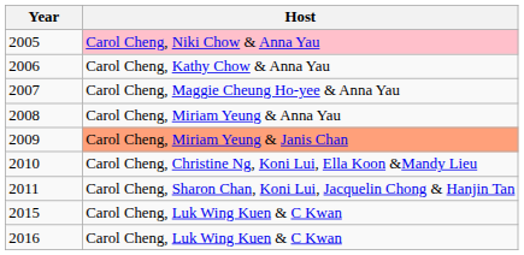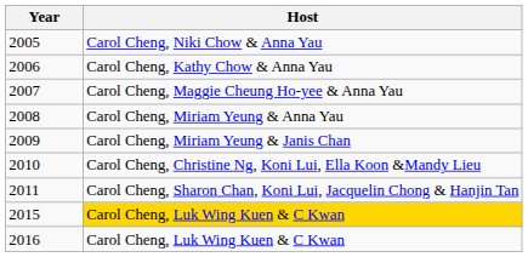 <table class="wikitable">
 <tr>
 <th width=15%>Year</th>
 <th>Host</th>
 </tr>
 <tr>
 <td>2005</td>
-<td style="background: pink;"><a href='#'>Carol Cheng</a>, <a href='#'>Niki Chow</a> & <a href='#'>Anna Yau</a></td>
+<td><a href='#'>Carol Cheng</a>, <a href='#'>Niki Chow</a> & <a href='#'>Anna Yau</a></td>
 </tr>
 <tr>
 <td>2006</td>
 <td>Carol Cheng, <a href='#'>Kathy Chow</a> & Anna Yau</td>
 </tr>
 <tr>
 <td>2007</td>
 <td>Carol Cheng, <a href='#'>Maggie Cheung Ho-yee</a> & Anna Yau</td>
 </tr>
 <tr>
 <td>2008</td>
 <td>Carol Cheng, <a href='#'>Miriam Yeung</a> & Anna Yau</td>
 </tr>
 <tr>
 <td>2009</td>
-<td style="background: lightsalmon;">Carol Cheng, <a href='#'>Miriam Yeung</a> & <a href='#'>Janis Chan</a></td>
+<td>Carol Cheng, <a href='#'>Miriam Yeung</a> & <a href='#'>Janis Chan</a></td>
 </tr>
 <tr>
 <td>2010</td>
 <td>Carol Cheng, <a href='#'>Christine Ng</a>, <a href='#'>Koni Lui</a>, <a href='#'>Ella Koon</a> &<a href='#'>Mandy Lieu</a></td>
 </tr>
 <tr>
 <td>2011</td>
 <td>Carol Cheng, <a href='#'>Sharon Chan</a>, <a href='#'>Koni Lui</a>, <a href='#'>Jacquelin Chong</a> & <a href='#'>Hanjin Tan</a></td>
 </tr>
 <tr>
 <td>2015</td>
-<td>Carol Cheng, <a href='#'>Luk Wing Kuen</a> & <a href='#'>C Kwan</a></td>
+<td style="background: gold;">Carol Cheng, <a href='#'>Luk Wing Kuen</a> & <a href='#'>C Kwan</a></td>
 </tr>
 <tr>
 <td>2016</td>
 <td>Carol Cheng, <a href='#'>Luk Wing Kuen</a> & <a href='#'>C Kwan</a></td>
 </tr>
 </table>
